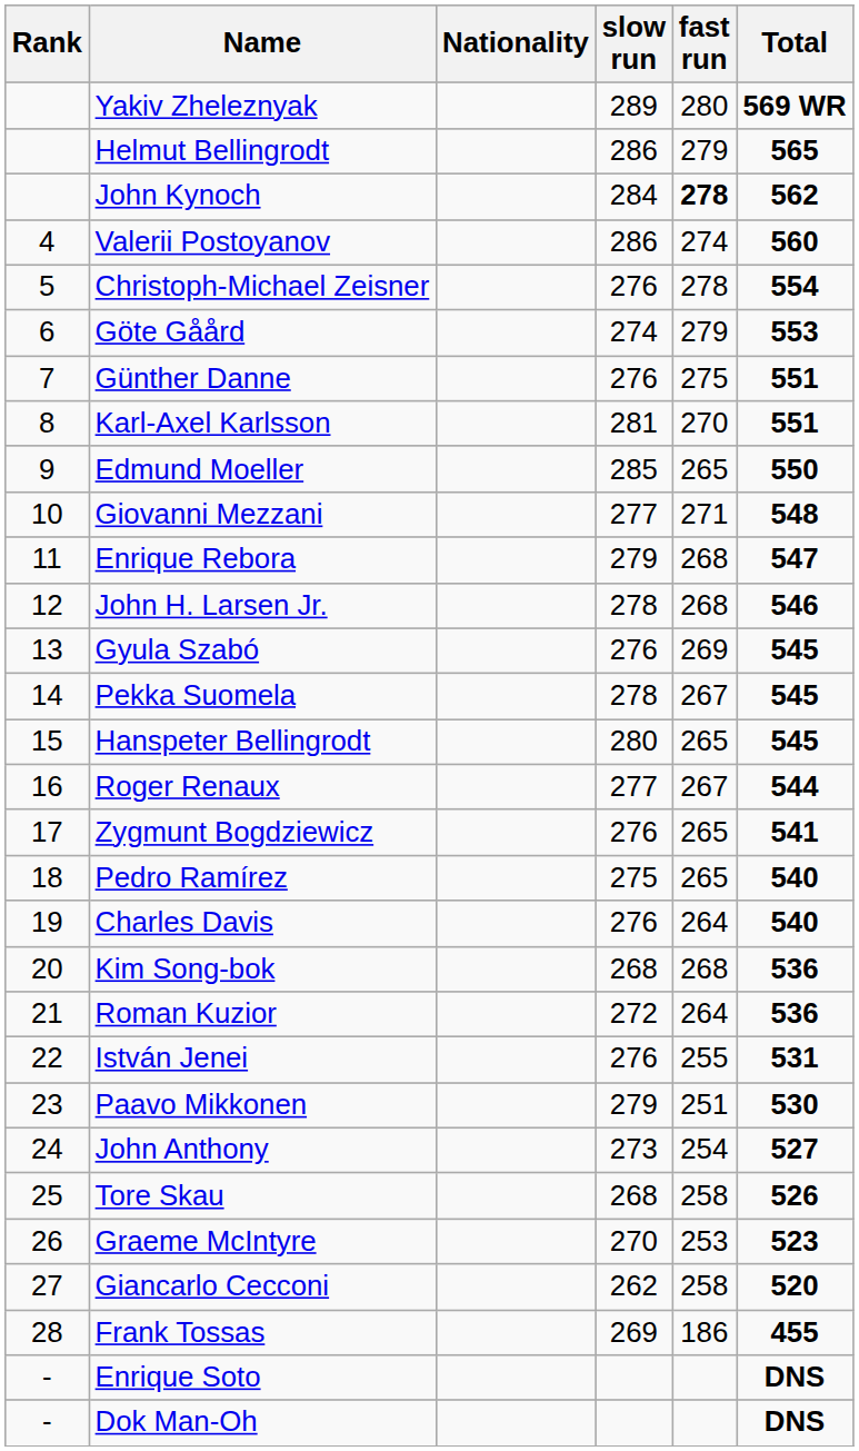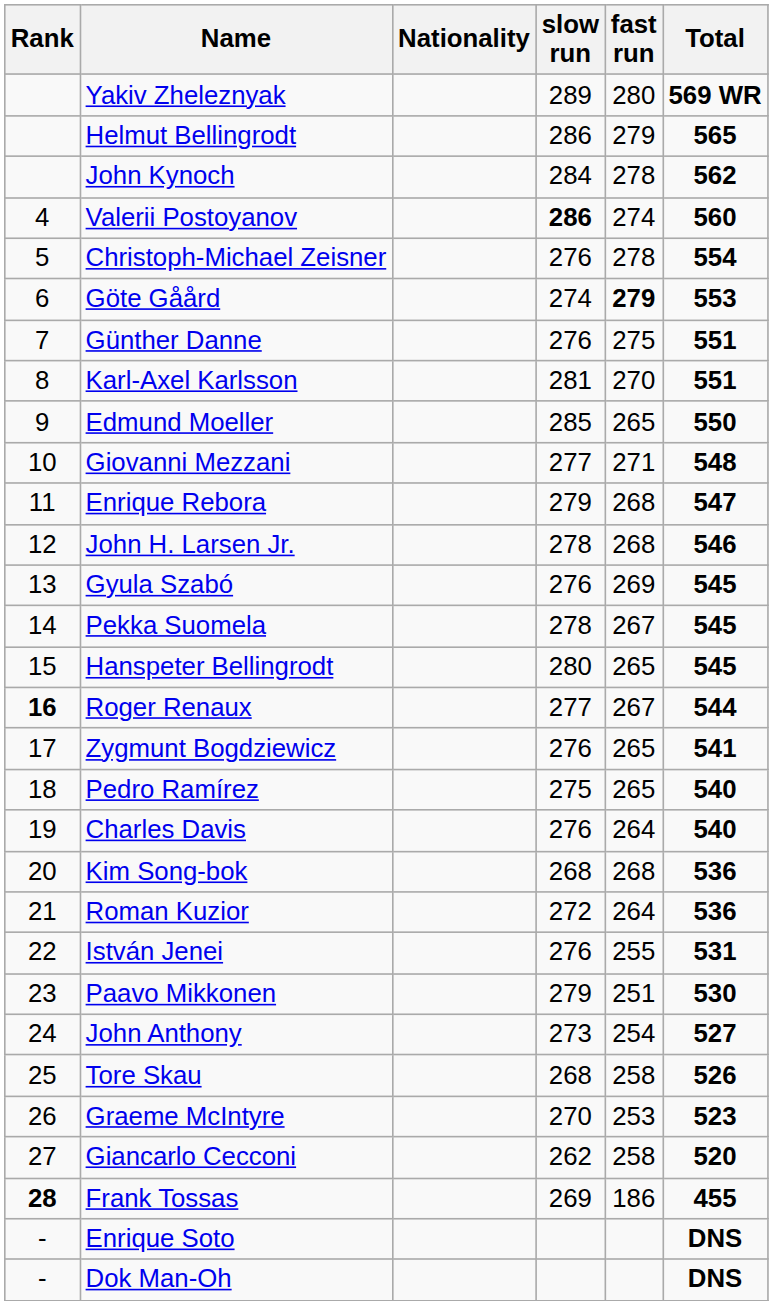 <table class="wikitable sortable" style="text-align: center">
 <tr>
 <th>Rank</th>
 <th>Name</th>
 <th>Nationality</th>
 <th class="unsortable" style="width: 28px">slow run</th>
 <th class="unsortable" style="width: 28px">fast run</th>
 <th>Total</th>
 </tr>
 <tr>
 <td></td>
 <td style="text-align: left"><a href='#'>Yakiv Zheleznyak</a></td>
 <td style="text-align: left"></td>
 <td>289</td>
 <td>280</td>
 <td><strong>569 WR</strong></td>
 </tr>
 <tr>
 <td></td>
 <td style="text-align: left"><a href='#'>Helmut Bellingrodt</a></td>
 <td style="text-align: left"></td>
 <td>286</td>
 <td>279</td>
 <td><strong>565</strong></td>
 </tr>
 <tr>
 <td></td>
 <td style="text-align: left"><a href='#'>John Kynoch</a></td>
 <td style="text-align: left"></td>
 <td>284</td>
-<td><strong>278</strong></td>
+<td>278</td>
 <td><strong>562</strong></td>
 </tr>
 <tr>
 <td>4</td>
 <td style="text-align: left"><a href='#'>Valerii Postoyanov</a></td>
 <td style="text-align: left"></td>
-<td>286</td>
+<td><strong>286</strong></td>
 <td>274</td>
 <td><strong>560</strong></td>
 </tr>
 <tr>
 <td>5</td>
 <td style="text-align: left"><a href='#'>Christoph-Michael Zeisner</a></td>
 <td style="text-align: left"></td>
 <td>276</td>
 <td>278</td>
 <td><strong>554</strong></td>
 </tr>
 <tr>
 <td>6</td>
 <td style="text-align: left"><a href='#'>Göte Gåård</a></td>
 <td style="text-align: left"></td>
 <td>274</td>
-<td>279</td>
+<td><strong>279</strong></td>
 <td><strong>553</strong></td>
 </tr>
 <tr>
 <td>7</td>
 <td style="text-align: left"><a href='#'>Günther Danne</a></td>
 <td style="text-align: left"></td>
 <td>276</td>
 <td>275</td>
 <td><strong>551</strong></td>
 </tr>
 <tr>
 <td>8</td>
 <td style="text-align: left"><a href='#'>Karl-Axel Karlsson</a></td>
 <td style="text-align: left"></td>
 <td>281</td>
 <td>270</td>
 <td><strong>551</strong></td>
 </tr>
 <tr>
 <td>9</td>
 <td style="text-align: left"><a href='#'>Edmund Moeller</a></td>
 <td style="text-align: left"></td>
 <td>285</td>
 <td>265</td>
 <td><strong>550</strong></td>
 </tr>
 <tr>
 <td>10</td>
 <td style="text-align: left"><a href='#'>Giovanni Mezzani</a></td>
 <td style="text-align: left"></td>
 <td>277</td>
 <td>271</td>
 <td><strong>548</strong></td>
 </tr>
 <tr>
 <td>11</td>
 <td style="text-align: left"><a href='#'>Enrique Rebora</a></td>
 <td style="text-align: left"></td>
 <td>279</td>
 <td>268</td>
 <td><strong>547</strong></td>
 </tr>
 <tr>
 <td>12</td>
 <td style="text-align: left"><a href='#'>John H. Larsen Jr.</a></td>
 <td style="text-align: left"></td>
 <td>278</td>
 <td>268</td>
 <td><strong>546</strong></td>
 </tr>
 <tr>
 <td>13</td>
 <td style="text-align: left"><a href='#'>Gyula Szabó</a></td>
 <td style="text-align: left"></td>
 <td>276</td>
 <td>269</td>
 <td><strong>545</strong></td>
 </tr>
 <tr>
 <td>14</td>
 <td style="text-align: left"><a href='#'>Pekka Suomela</a></td>
 <td style="text-align: left"></td>
 <td>278</td>
 <td>267</td>
 <td><strong>545</strong></td>
 </tr>
 <tr>
 <td>15</td>
 <td style="text-align: left"><a href='#'>Hanspeter Bellingrodt</a></td>
 <td style="text-align: left"></td>
 <td>280</td>
 <td>265</td>
 <td><strong>545</strong></td>
 </tr>
 <tr>
-<td>16</td>
+<td><strong>16</strong></td>
 <td style="text-align: left"><a href='#'>Roger Renaux</a></td>
 <td style="text-align: left"></td>
 <td>277</td>
 <td>267</td>
 <td><strong>544</strong></td>
 </tr>
 <tr>
 <td>17</td>
 <td style="text-align: left"><a href='#'>Zygmunt Bogdziewicz</a></td>
 <td style="text-align: left"></td>
 <td>276</td>
 <td>265</td>
 <td><strong>541</strong></td>
 </tr>
 <tr>
 <td>18</td>
 <td style="text-align: left"><a href='#'>Pedro Ramírez</a></td>
 <td style="text-align: left"></td>
 <td>275</td>
 <td>265</td>
 <td><strong>540</strong></td>
 </tr>
 <tr>
 <td>19</td>
 <td style="text-align: left"><a href='#'>Charles Davis</a></td>
 <td style="text-align: left"></td>
 <td>276</td>
 <td>264</td>
 <td><strong>540</strong></td>
 </tr>
 <tr>
 <td>20</td>
 <td style="text-align: left"><a href='#'>Kim Song-bok</a></td>
 <td style="text-align: left"></td>
 <td>268</td>
 <td>268</td>
 <td><strong>536</strong></td>
 </tr>
 <tr>
 <td>21</td>
 <td style="text-align: left"><a href='#'>Roman Kuzior</a></td>
 <td style="text-align: left"></td>
 <td>272</td>
 <td>264</td>
 <td><strong>536</strong></td>
 </tr>
 <tr>
 <td>22</td>
 <td style="text-align: left"><a href='#'>István Jenei</a></td>
 <td style="text-align: left"></td>
 <td>276</td>
 <td>255</td>
 <td><strong>531</strong></td>
 </tr>
 <tr>
 <td>23</td>
 <td style="text-align: left"><a href='#'>Paavo Mikkonen</a></td>
 <td style="text-align: left"></td>
 <td>279</td>
 <td>251</td>
 <td><strong>530</strong></td>
 </tr>
 <tr>
 <td>24</td>
 <td style="text-align: left"><a href='#'>John Anthony</a></td>
 <td style="text-align: left"></td>
 <td>273</td>
 <td>254</td>
 <td><strong>527</strong></td>
 </tr>
 <tr>
 <td>25</td>
 <td style="text-align: left"><a href='#'>Tore Skau</a></td>
 <td style="text-align: left"></td>
 <td>268</td>
 <td>258</td>
 <td><strong>526</strong></td>
 </tr>
 <tr>
 <td>26</td>
 <td style="text-align: left"><a href='#'>Graeme McIntyre</a></td>
 <td style="text-align: left"></td>
 <td>270</td>
 <td>253</td>
 <td><strong>523</strong></td>
 </tr>
 <tr>
 <td>27</td>
 <td style="text-align: left"><a href='#'>Giancarlo Cecconi</a></td>
 <td style="text-align: left"></td>
 <td>262</td>
 <td>258</td>
 <td><strong>520</strong></td>
 </tr>
 <tr>
-<td>28</td>
+<td><strong>28</strong></td>
 <td style="text-align: left"><a href='#'>Frank Tossas</a></td>
 <td style="text-align: left"></td>
 <td>269</td>
 <td>186</td>
 <td><strong>455</strong></td>
 </tr>
 <tr>
 <td>-</td>
 <td style="text-align: left"><a href='#'>Enrique Soto</a></td>
 <td style="text-align: left"></td>
 <td></td>
 <td></td>
 <td><strong>DNS</strong></td>
 </tr>
 <tr>
 <td>-</td>
 <td style="text-align: left"><a href='#'>Dok Man-Oh</a></td>
 <td style="text-align: left"></td>
 <td></td>
 <td></td>
 <td><strong>DNS</strong></td>
 </tr>
 <tr>
 </tr>
 </table>
